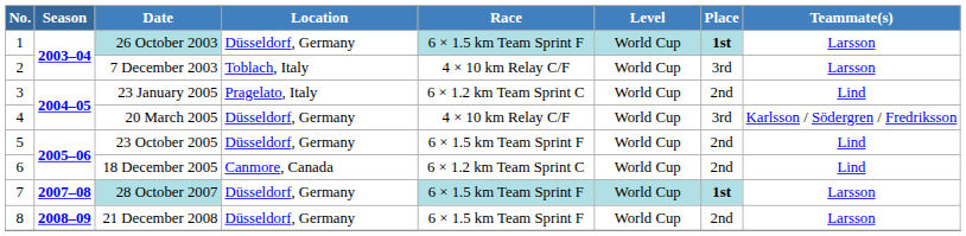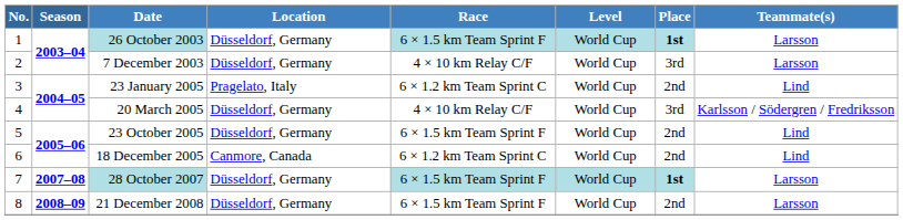 <table class="wikitable sortable" style="font-size:95%; text-align:center; border:grey solid 1px; border-collapse:collapse; background:#ffffff;">
 <tr style="background:#efefef;">
 <th style="background-color:#369; color:white;">No.</th>
 <th style="background-color:#369; color:white;">Season</th>
 <th style="background-color:#4180be; color:white; width:120px;">Date</th>
 <th style="background-color:#4180be; color:white; width:190px;">Location</th>
 <th style="background-color:#4180be; color:white; width:170px;">Race</th>
 <th style="background-color:#4180be; color:white; width:100px;">Level</th>
 <th style="background-color:#4180be; color:white;">Place</th>
 <th style="background-color:#4180be; color:white;">Teammate(s)</th>
 </tr>
 <tr>
 <td align=center>1</td>
 <td rowspan=2 align=center><strong><a href='#'>2003–04</a></strong></td>
 <td bgcolor="#BOEOE6" align=right>26 October 2003</td>
 <td align=left> <a href='#'>Düsseldorf</a>, Germany</td>
 <td bgcolor="#BOEOE6">6 × 1.5 km Team Sprint F</td>
 <td bgcolor="#BOEOE6">World Cup</td>
 <td bgcolor="#BOEOE6"><strong>1st</strong></td>
 <td><a href='#'>Larsson</a></td>
 </tr>
 <tr>
 <td align=center>2</td>
 <td align=right>7 December 2003</td>
-<td align=left> <a href='#'>Toblach</a>, Italy</td>
+<td align=left> <a href='#'>Düsseldorf</a>, Germany</td>
 <td>4 × 10 km Relay C/F</td>
 <td>World Cup</td>
 <td>3rd</td>
 <td><a href='#'>Larsson</a></td>
 </tr>
 <tr>
 <td align=center>3</td>
 <td rowspan=2 align=center><strong><a href='#'>2004–05</a></strong></td>
 <td align=right>23 January 2005</td>
 <td align=left> <a href='#'>Pragelato</a>, Italy</td>
 <td>6 × 1.2 km Team Sprint C</td>
 <td>World Cup</td>
 <td>2nd</td>
 <td><a href='#'>Lind</a></td>
 </tr>
 <tr>
 <td align=center>4</td>
 <td align=right>20 March 2005</td>
 <td align=left> <a href='#'>Düsseldorf</a>, Germany</td>
 <td>4 × 10 km Relay C/F</td>
 <td>World Cup</td>
 <td>3rd</td>
 <td><a href='#'>Karlsson</a> / <a href='#'>Södergren</a> / <a href='#'>Fredriksson</a></td>
 </tr>
 <tr>
 <td align=center>5</td>
 <td rowspan=2 align=center><strong><a href='#'>2005–06</a></strong></td>
 <td align=right>23 October 2005</td>
 <td align=left> <a href='#'>Düsseldorf</a>, Germany</td>
 <td>6 × 1.5 km Team Sprint F</td>
 <td>World Cup</td>
 <td>2nd</td>
 <td><a href='#'>Lind</a></td>
 </tr>
 <tr>
 <td align=center>6</td>
 <td align=right>18 December 2005</td>
 <td align=left> <a href='#'>Canmore</a>, Canada</td>
 <td>6 × 1.2 km Team Sprint C</td>
 <td>World Cup</td>
 <td>2nd</td>
 <td><a href='#'>Lind</a></td>
 </tr>
 <tr>
 <td align=center>7</td>
 <td rowspan=1 align=center><strong><a href='#'>2007–08</a></strong></td>
 <td bgcolor="#BOEOE6" align=right>28 October 2007</td>
 <td align=left> <a href='#'>Düsseldorf</a>, Germany</td>
 <td bgcolor="#BOEOE6">6 × 1.5 km Team Sprint F</td>
 <td bgcolor="#BOEOE6">World Cup</td>
 <td bgcolor="#BOEOE6"><strong>1st</strong></td>
 <td><a href='#'>Larsson</a></td>
 </tr>
 <tr>
 <td align=center>8</td>
 <td rowspan=1 align=center><strong><a href='#'>2008–09</a></strong></td>
 <td align=right>21 December 2008</td>
 <td align=left> <a href='#'>Düsseldorf</a>, Germany</td>
 <td>6 × 1.5 km Team Sprint F</td>
 <td>World Cup</td>
 <td>2nd</td>
 <td><a href='#'>Larsson</a></td>
 </tr>
 <tr>
 </tr>
 </table>
